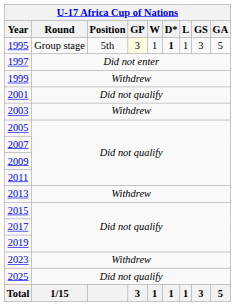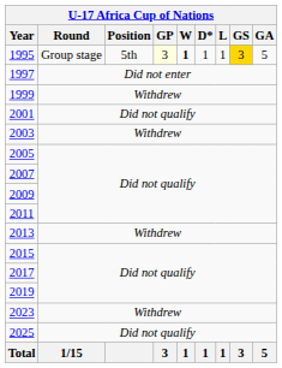 <table class="wikitable" style="text-align: center;">
 <tr>
 <th colspan=9><a href='#'>U-17 Africa Cup of Nations</a></th>
 </tr>
 <tr>
 <th>Year</th>
 <th>Round</th>
 <th>Position</th>
 <th>GP</th>
 <th>W</th>
 <th>D*</th>
 <th>L</th>
 <th>GS</th>
 <th>GA</th>
 </tr>
 <tr>
 <td> <a href='#'>1995</a></td>
 <td>Group stage</td>
 <td>5th</td>
 <td style="background: lightyellow;">3</td>
-<td>1</td>
 <td><strong>1</strong></td>
 <td>1</td>
-<td>3</td>
+<td>1</td>
+<td style="background: gold;">3</td>
 <td>5</td>
 </tr>
 <tr>
 <td> <a href='#'>1997</a></td>
 <td colspan=8><em>Did not enter</em></td>
 </tr>
 <tr>
 <td> <a href='#'>1999</a></td>
 <td colspan=8><em>Withdrew</em></td>
 </tr>
 <tr>
 <td> <a href='#'>2001</a></td>
 <td colspan=8><em>Did not qualify</em></td>
 </tr>
 <tr>
 <td> <a href='#'>2003</a></td>
 <td colspan=8><em>Withdrew</em></td>
 </tr>
 <tr>
 <td> <a href='#'>2005</a></td>
 <td colspan=8 rowspan=4><em>Did not qualify</em></td>
 </tr>
 <tr>
 <td> <a href='#'>2007</a></td>
 </tr>
 <tr>
 <td> <a href='#'>2009</a></td>
 </tr>
 <tr>
 <td> <a href='#'>2011</a></td>
 </tr>
 <tr>
 <td> <a href='#'>2013</a></td>
 <td colspan=8><em>Withdrew</em></td>
 </tr>
 <tr>
 <td> <a href='#'>2015</a></td>
 <td colspan=8 rowspan=3><em>Did not qualify</em></td>
 </tr>
 <tr>
 <td> <a href='#'>2017</a></td>
 </tr>
 <tr>
 <td> <a href='#'>2019</a></td>
 </tr>
 <tr>
 <td> <a href='#'>2023</a></td>
 <td colspan=8><em>Withdrew</em></td>
 </tr>
 <tr>
 <td> <a href='#'>2025</a></td>
 <td colspan=8><em>Did not qualify</em></td>
 </tr>
 <tr>
 <th><strong>Total</strong></th>
 <th>1/15</th>
 <th></th>
 <th>3</th>
 <th>1</th>
 <th>1</th>
 <th>1</th>
 <th>3</th>
 <th>5</th>
 </tr>
 </table>
